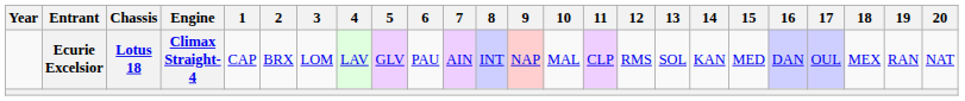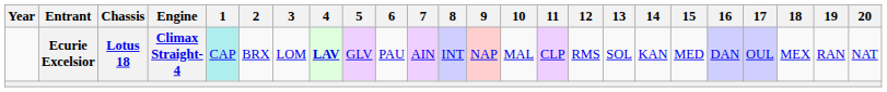 <table class="wikitable" style="text-align:center; font-size:90%">
 <tr>
 <th>Year</th>
 <th>Entrant</th>
 <th>Chassis</th>
 <th>Engine</th>
 <th>1</th>
 <th>2</th>
 <th>3</th>
 <th>4</th>
 <th>5</th>
 <th>6</th>
 <th>7</th>
 <th>8</th>
 <th>9</th>
 <th>10</th>
 <th>11</th>
 <th>12</th>
 <th>13</th>
 <th>14</th>
 <th>15</th>
 <th>16</th>
 <th>17</th>
 <th>18</th>
 <th>19</th>
 <th>20</th>
 </tr>
 <tr>
 <td></td>
 <th>Ecurie Excelsior</th>
 <th><a href='#'>Lotus</a> <a href='#'>18</a></th>
 <th><a href='#'>Climax</a> <a href='#'>Straight-4</a></th>
-<td><a href='#'>CAP</a></td>
+<td style="background: paleturquoise;"><a href='#'>CAP</a></td>
 <td><a href='#'>BRX</a></td>
 <td><a href='#'>LOM</a></td>
-<td style="background:#DFFFDF;"><a href='#'>LAV</a><br></td>
+<td style="background:#DFFFDF;"><strong><a href='#'>LAV</a><br></strong></td>
 <td style="background:#EFCFFF;"><a href='#'>GLV</a><br></td>
 <td><a href='#'>PAU</a></td>
 <td style="background:#EFCFFF;"><a href='#'>AIN</a><br></td>
 <td style="background:#CFCFFF;"><a href='#'>INT</a><br></td>
 <td style="background:#FFCFCF;"><a href='#'>NAP</a><br></td>
 <td><a href='#'>MAL</a></td>
 <td style="background:#EFCFFF;"><a href='#'>CLP</a><br></td>
 <td><a href='#'>RMS</a></td>
 <td><a href='#'>SOL</a></td>
 <td><a href='#'>KAN</a></td>
 <td><a href='#'>MED</a><br></td>
 <td style="background:#CFCFFF;"><a href='#'>DAN</a><br></td>
 <td style="background:#CFCFFF;"><a href='#'>OUL</a><br></td>
 <td><a href='#'>MEX</a></td>
 <td><a href='#'>RAN</a></td>
 <td><a href='#'>NAT</a></td>
 </tr>
 <tr>
 <th colspan="24"></th>
 </tr>
 </table>
